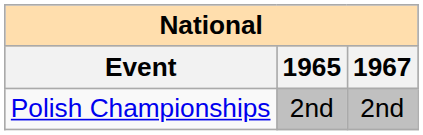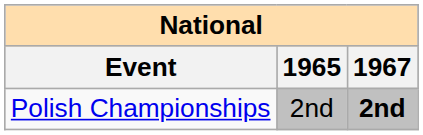 <table class="wikitable" style="text-align:center">
 <tr>
 <th style="background-color: #ffdead; " colspan=3 align=center>National</th>
 </tr>
 <tr>
 <th>Event</th>
 <th>1965</th>
 <th>1967</th>
 </tr>
 <tr>
 <td align=left><a href='#'>Polish Championships</a></td>
 <td bgcolor=silver>2nd</td>
-<td bgcolor=silver>2nd</td>
+<td bgcolor=silver><strong>2nd</strong></td>
 </tr>
 </table>
